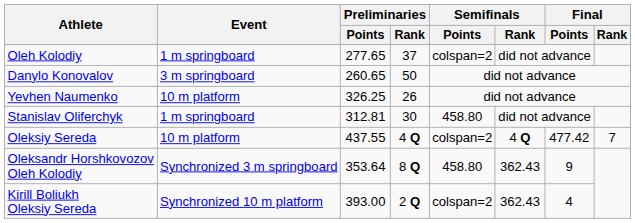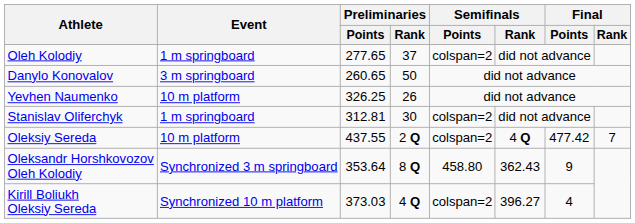 <table class="wikitable" style="text-align:center; font-size:90%">
 <tr>
 <th rowspan="2">Athlete</th>
 <th rowspan="2">Event</th>
 <th colspan="2">Preliminaries</th>
 <th colspan="2">Semifinals</th>
 <th colspan="2">Final</th>
 </tr>
 <tr style="font-size:95%">
 <th>Points</th>
 <th>Rank</th>
 <th>Points</th>
 <th>Rank</th>
 <th>Points</th>
 <th>Rank</th>
 </tr>
 <tr>
 <td align=left><a href='#'>Oleh Kolodiy</a></td>
 <td align=left><a href='#'>1 m springboard</a></td>
 <td>277.65</td>
 <td>37</td>
 <td>colspan=2 </td>
 <td colspan=2>did not advance</td>
 </tr>
 <tr>
 <td align=left><a href='#'>Danylo Konovalov</a></td>
 <td align=left><a href='#'>3 m springboard</a></td>
 <td>260.65</td>
 <td>50</td>
 <td colspan=4>did not advance</td>
 </tr>
 <tr>
 <td align=left><a href='#'>Yevhen Naumenko</a></td>
 <td align=left><a href='#'>10 m platform</a></td>
 <td>326.25</td>
 <td>26</td>
 <td colspan=4>did not advance</td>
 </tr>
 <tr>
 <td align=left><a href='#'>Stanislav Oliferchyk</a></td>
 <td align=left><a href='#'>1 m springboard</a></td>
 <td>312.81</td>
 <td>30</td>
-<td>458.80</td>
+<td>colspan=2 </td>
 <td colspan=2>did not advance</td>
 </tr>
 <tr>
 <td align=left><a href='#'>Oleksiy Sereda</a></td>
 <td align=left><a href='#'>10 m platform</a></td>
 <td>437.55</td>
-<td>4 <strong>Q</strong></td>
+<td>2 <strong>Q</strong></td>
 <td>colspan=2 </td>
 <td>4 <strong>Q</strong></td>
 <td>477.42</td>
 <td>7</td>
 </tr>
 <tr>
 <td align=left><a href='#'>Oleksandr Horshkovozov</a><br><a href='#'>Oleh Kolodiy</a></td>
 <td align=left><a href='#'>Synchronized 3 m springboard</a></td>
 <td>353.64</td>
 <td>8 <strong>Q</strong></td>
 <td>458.80</td>
 <td>362.43</td>
 <td>9</td>
 </tr>
 <tr>
 <td align=left><a href='#'>Kirill Boliukh</a><br><a href='#'>Oleksiy Sereda</a></td>
 <td align=left><a href='#'>Synchronized 10 m platform</a></td>
-<td>393.00</td>
-<td>2 <strong>Q</strong></td>
+<td>373.03</td>
+<td>4 <strong>Q</strong></td>
 <td>colspan=2 </td>
-<td>362.43</td>
+<td>396.27</td>
 <td>4</td>
 </tr>
 </table>
